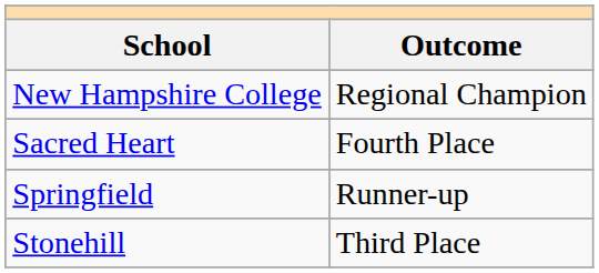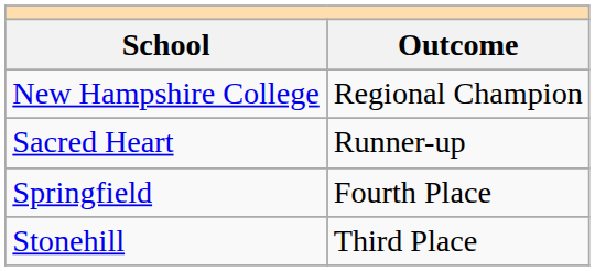 <table class="wikitable" style="float:left; margin-right:1em;">
 <tr>
 <th colspan="3" style="background:#ffdead;"></th>
 </tr>
 <tr>
 <th>School</th>
 <th>Outcome</th>
 </tr>
 <tr>
 <td><a href='#'>New Hampshire College</a></td>
 <td>Regional Champion</td>
 </tr>
 <tr>
 <td><a href='#'>Sacred Heart</a></td>
-<td>Fourth Place</td>
+<td>Runner-up</td>
 </tr>
 <tr>
 <td><a href='#'>Springfield</a></td>
-<td>Runner-up</td>
+<td>Fourth Place</td>
 </tr>
 <tr>
 <td><a href='#'>Stonehill</a></td>
 <td>Third Place</td>
 </tr>
 </table>
